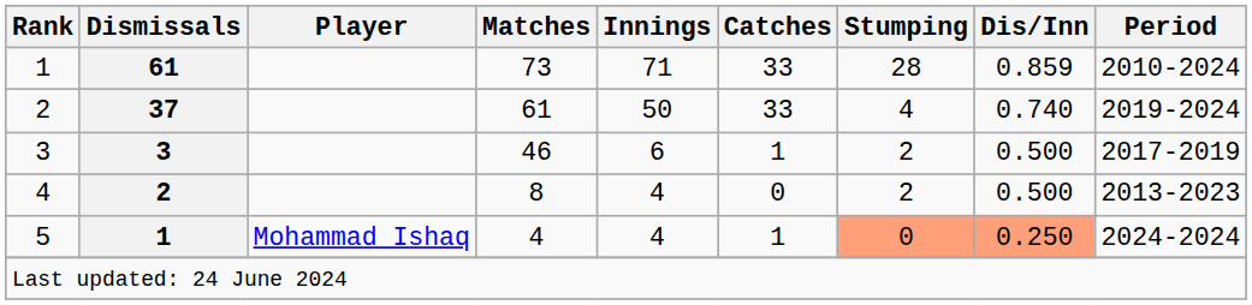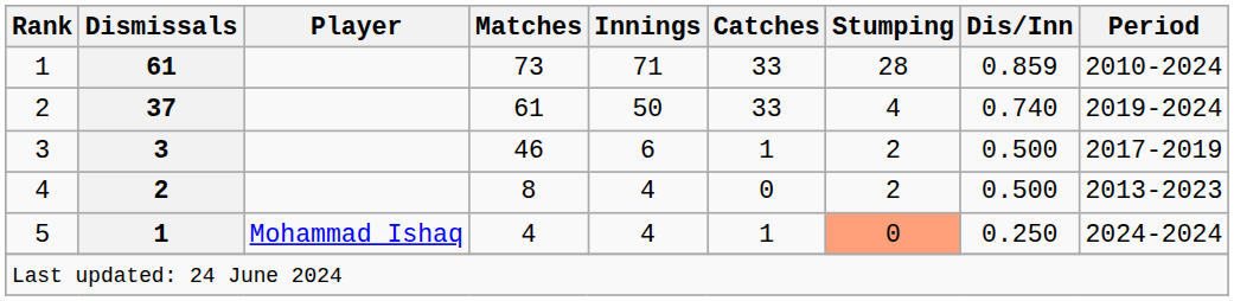 <table class="wikitable plainrowheaders sortable">
 <tr>
 <th scope=col>Rank</th>
 <th scope=col>Dismissals</th>
 <th scope=col>Player</th>
 <th scope=col>Matches</th>
 <th scope=col>Innings</th>
 <th scope=col>Catches</th>
 <th scope=col>Stumping</th>
 <th scope=col>Dis/Inn</th>
 <th scope=col>Period</th>
 </tr>
 <tr>
 <td align=center>1</td>
 <th scope=row style=text-align:center;>61</th>
 <td></td>
 <td align=center>73</td>
 <td align=center>71</td>
 <td align=center>33</td>
 <td align=center>28</td>
 <td align=center>0.859</td>
 <td>2010-2024</td>
 </tr>
 <tr>
 <td align=center>2</td>
 <th scope=row style=text-align:center;>37</th>
 <td></td>
 <td align=center>61</td>
 <td align="center">50</td>
 <td align=center>33</td>
 <td align=center>4</td>
 <td align=center>0.740</td>
 <td>2019-2024</td>
 </tr>
 <tr>
 <td align=center>3</td>
 <th scope=row style=text-align:center;>3</th>
 <td></td>
 <td align=center>46</td>
 <td align=center>6</td>
 <td align=center>1</td>
 <td align=center>2</td>
 <td align=center>0.500</td>
 <td>2017-2019</td>
 </tr>
 <tr>
 <td align=center>4</td>
 <th scope=row style=text-align:center;>2</th>
 <td></td>
 <td align=center>8</td>
 <td align="center">4</td>
 <td align=center>0</td>
 <td align=center>2</td>
 <td align=center>0.500</td>
 <td>2013-2023</td>
 </tr>
 <tr>
 <td align=center>5</td>
 <th scope=row style=text-align:center;>1</th>
 <td><a href='#'>Mohammad Ishaq</a></td>
 <td align=center>4</td>
 <td align="center">4</td>
 <td align=center>1</td>
 <td align=center style="background: lightsalmon;">0</td>
-<td align=center style="background: lightsalmon;">0.250</td>
+<td align=center>0.250</td>
 <td>2024-2024</td>
 </tr>
 <tr>
 </tr>
 <tr class=sortbottom>
 <td colspan=9><small>Last updated: 24 June 2024</small></td>
 </tr>
 </table>
